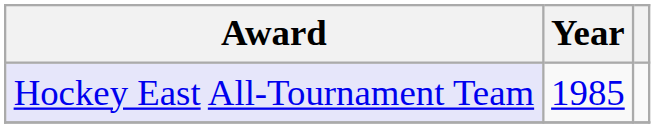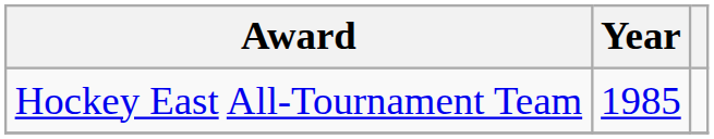 <table class="wikitable">
 <tr>
 <th>Award</th>
 <th>Year</th>
 <th></th>
 </tr>
 <tr>
-<td style="background: lavender;"><a href='#'>Hockey East</a> <a href='#'>All-Tournament Team</a></td>
+<td><a href='#'>Hockey East</a> <a href='#'>All-Tournament Team</a></td>
 <td><a href='#'>1985</a></td>
 <td></td>
 </tr>
 <tr>
 </tr>
 </table>
